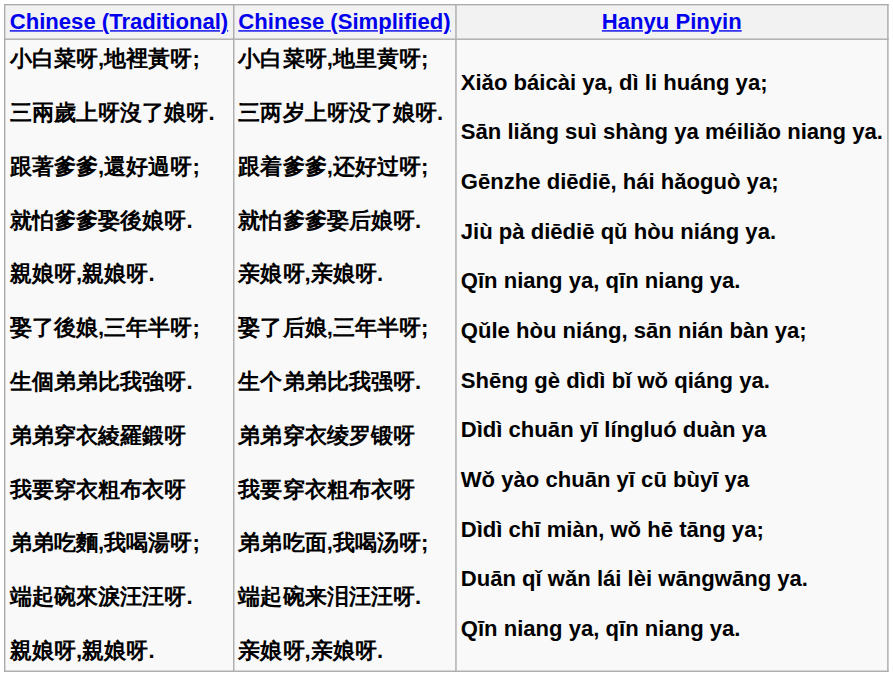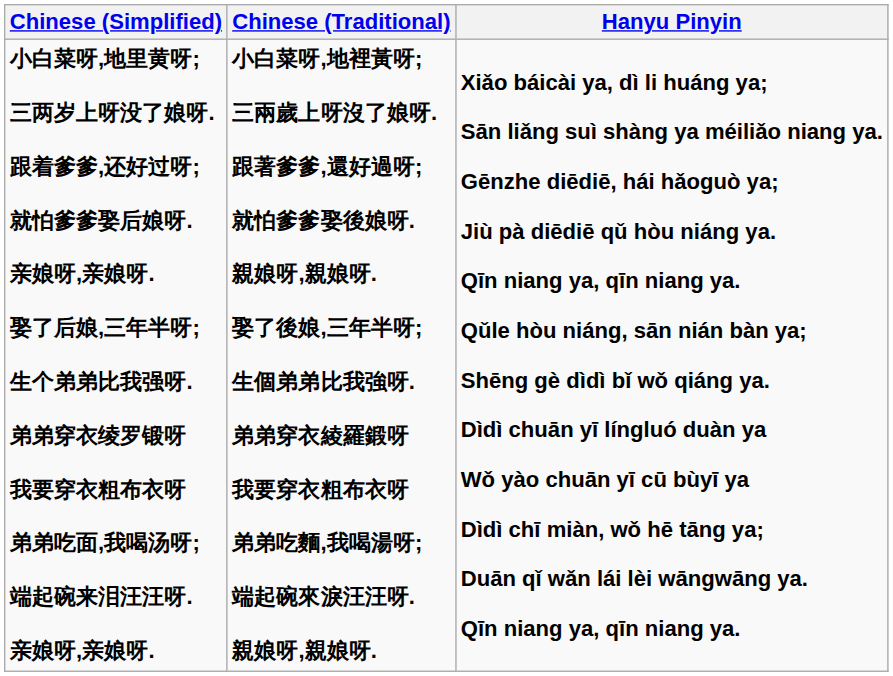 <table class="wikitable">
 <tr>
+<th><strong><a href='#'>Chinese (Simplified)</a></strong></th>
 <th><strong><a href='#'>Chinese (Traditional)</a></strong></th>
-<th><strong><a href='#'>Chinese (Simplified)</a></strong></th>
 <th><strong><a href='#'>Hanyu Pinyin</a></strong></th>
 </tr>
 <tr>
+<td><strong>小白菜呀,地里黄呀;<br></strong><br><strong>三两岁上呀没了娘呀.<br></strong><br><strong>跟着爹爹,还好过呀;<br></strong><br><strong>就怕爹爹娶后娘呀.<br></strong><br><strong>亲娘呀,亲娘呀.<br></strong><br><strong>娶了后娘,三年半呀;<br></strong><br><strong>生个弟弟比我强呀.<br></strong><br><strong>弟弟穿衣绫罗锻呀<br></strong><br><strong>我要穿衣粗布衣呀<br></strong><br><strong>弟弟吃面,我喝汤呀;<br></strong><br><strong>端起碗来泪汪汪呀.<br></strong><br><strong>亲娘呀,亲娘呀.<br></strong></td>
 <td><strong>小白菜呀,地裡黃呀;<br></strong><br><strong>三兩歲上呀沒了娘呀.<br></strong><br><strong>跟著爹爹,還好過呀;<br></strong><br><strong>就怕爹爹娶後娘呀.<br></strong><br><strong>親娘呀,親娘呀.<br></strong><br><strong>娶了後娘,三年半呀;<br></strong><br><strong>生個弟弟比我強呀.<br></strong><br><strong>弟弟穿衣綾羅鍛呀<br></strong><br><strong>我要穿衣粗布衣呀<br></strong><br><strong>弟弟吃麵,我喝湯呀;<br></strong><br><strong>端起碗來淚汪汪呀.<br></strong><br><strong>親娘呀,親娘呀.<br></strong></td>
-<td><strong>小白菜呀,地里黄呀;<br></strong><br><strong>三两岁上呀没了娘呀.<br></strong><br><strong>跟着爹爹,还好过呀;<br></strong><br><strong>就怕爹爹娶后娘呀.<br></strong><br><strong>亲娘呀,亲娘呀.<br></strong><br><strong>娶了后娘,三年半呀;<br></strong><br><strong>生个弟弟比我强呀.<br></strong><br><strong>弟弟穿衣绫罗锻呀<br></strong><br><strong>我要穿衣粗布衣呀<br></strong><br><strong>弟弟吃面,我喝汤呀;<br></strong><br><strong>端起碗来泪汪汪呀.<br></strong><br><strong>亲娘呀,亲娘呀.<br></strong></td>
 <td><strong>Xiǎo báicài ya, dì li huáng ya;<br></strong><br><strong>Sān liǎng suì shàng ya méiliǎo niang ya.<br></strong><br><strong>Gēnzhe diēdiē, hái hǎoguò ya;<br></strong><br><strong>Jiù pà diēdiē qǔ hòu niáng ya.<br></strong><br><strong>Qīn niang ya, qīn niang ya.<br></strong><br><strong>Qǔle hòu niáng, sān nián bàn ya;<br></strong><br><strong>Shēng gè dìdì bǐ wǒ qiáng ya.<br></strong><br><strong>Dìdì chuān yī língluó duàn ya <br></strong><br><strong>Wǒ yào chuān yī cū bùyī ya <br></strong><br><strong>Dìdì chī miàn, wǒ hē tāng ya;<br></strong><br><strong>Duān qǐ wǎn lái lèi wāngwāng ya.<br></strong><br><strong>Qīn niang ya, qīn niang ya.<br></strong></td>
 </tr>
 </table>
